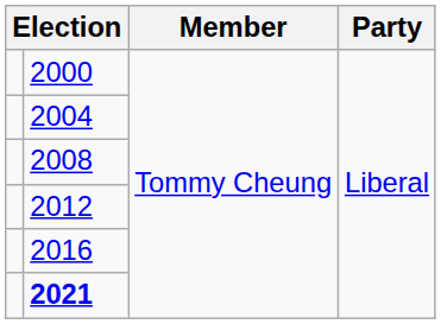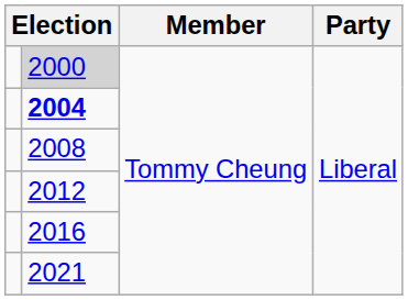 <table class="wikitable">
 <tr>
 <th colspan="2">Election</th>
 <th>Member</th>
 <th>Party</th>
 </tr>
 <tr>
 <td style="background-color: "></td>
-<td><a href='#'>2000</a></td>
+<td style="background: lightgrey;"><a href='#'>2000</a></td>
 <td rowspan=6><a href='#'>Tommy Cheung</a></td>
 <td rowspan=6><a href='#'>Liberal</a></td>
 </tr>
 <tr>
 <td style="background-color: "></td>
-<td><a href='#'>2004</a></td>
+<td><strong><a href='#'>2004</a></strong></td>
 </tr>
 <tr>
 <td style="background-color: "></td>
 <td><a href='#'>2008</a></td>
 </tr>
 <tr>
 <td style="background-color: "></td>
 <td><a href='#'>2012</a></td>
 </tr>
 <tr>
 <td style="background-color: "></td>
 <td><a href='#'>2016</a></td>
 </tr>
 <tr>
 <td style="background-color: "></td>
-<td><strong><a href='#'>2021</a></strong></td>
+<td><a href='#'>2021</a></td>
 </tr>
 </table>
